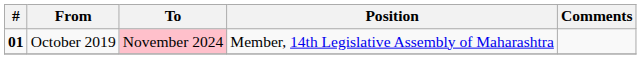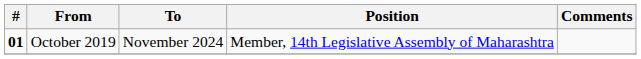 <table class="wikitable sortable">
 <tr>
 <th>#</th>
 <th>From</th>
 <th>To</th>
 <th>Position</th>
 <th>Comments</th>
 </tr>
 <tr>
 <td><strong>01</strong></td>
 <td>October 2019</td>
-<td style="background: pink;">November 2024</td>
+<td>November 2024</td>
 <td>Member, <a href='#'>14th Legislative Assembly of Maharashtra</a></td>
 <td></td>
 </tr>
 <tr>
 </tr>
 </table>
